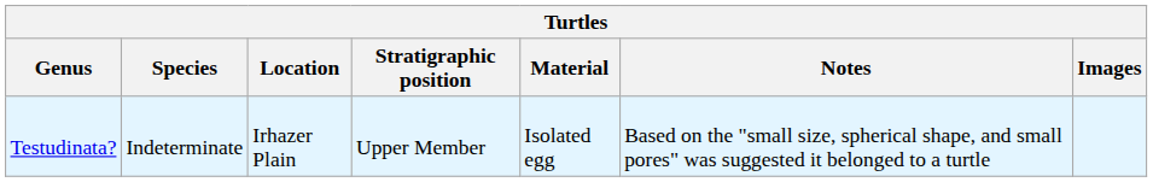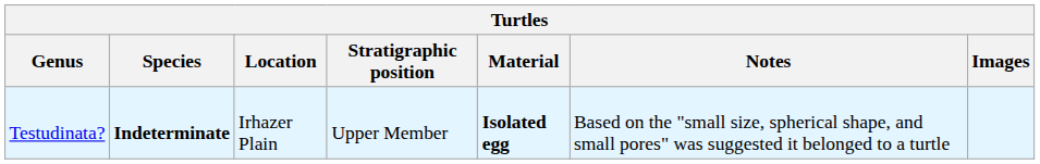 <table class="wikitable" align="center">
 <tr>
 <th colspan="7" align="center">Turtles</th>
 </tr>
 <tr>
 <th>Genus</th>
 <th>Species</th>
 <th>Location</th>
 <th>Stratigraphic position</th>
 <th>Material</th>
 <th>Notes</th>
 <th>Images</th>
 </tr>
 <tr>
 <td style="background:#E3F5FF;"><br><a href='#'>Testudinata?</a></td>
-<td style="background:#E3F5FF;"><br>Indeterminate</td>
+<td style="background:#E3F5FF;"><strong><br>Indeterminate</strong></td>
 <td style="background:#E3F5FF;"><br>Irhazer Plain</td>
 <td style="background:#E3F5FF;"><br>Upper Member</td>
-<td style="background:#E3F5FF;"><br>Isolated egg</td>
+<td style="background:#E3F5FF;"><strong><br>Isolated egg</strong></td>
 <td style="background:#E3F5FF;"><br>Based on the "small size, spherical shape, and small pores" was suggested it belonged to a turtle</td>
 <td style="background:#E3F5FF;"></td>
 </tr>
 </table>
